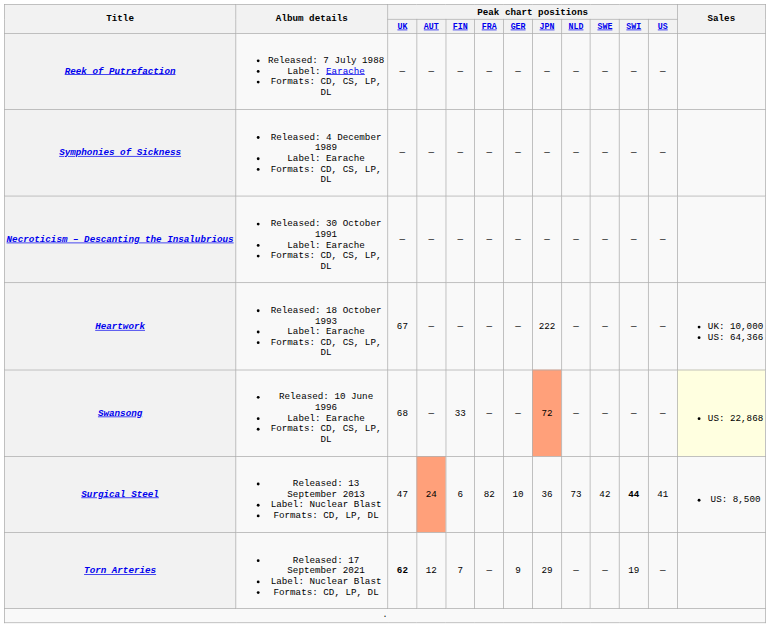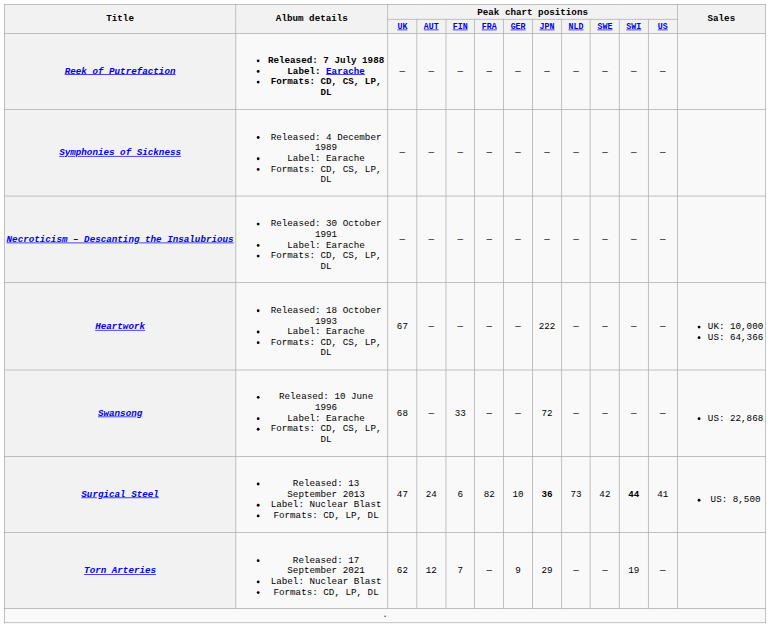 <table class="wikitable plainrowheaders" style="text-align:center;">
 <tr>
 <th scope="col" rowspan="2">Title</th>
 <th scope="col" rowspan="2" style="width:16em;">Album details</th>
 <th scope="col" colspan="10">Peak chart positions</th>
 <th scope="col" rowspan="2">Sales</th>
 </tr>
 <tr>
 <th scope="col" style="width:3em;font-size:90%;"><a href='#'>UK</a><br></th>
 <th scope="col" style="width:3em;font-size:90%;"><a href='#'>AUT</a><br></th>
 <th scope="col" style="width:3em;font-size:90%;"><a href='#'>FIN</a><br></th>
 <th scope="col" style="width:3em;font-size:90%;"><a href='#'>FRA</a><br></th>
 <th scope="col" style="width:3em;font-size:90%;"><a href='#'>GER</a><br></th>
 <th scope="col" style="width:3em;font-size:90%;"><a href='#'>JPN</a><br></th>
 <th scope="col" style="width:3em;font-size:90%;"><a href='#'>NLD</a><br></th>
 <th scope="col" style="width:3em;font-size:90%;"><a href='#'>SWE</a><br></th>
 <th scope="col" style="width:3em;font-size:90%;"><a href='#'>SWI</a><br></th>
 <th scope="col" style="width:3em;font-size:90%;"><a href='#'>US</a><br></th>
 </tr>
 <tr>
 <th scope="row"><em><a href='#'>Reek of Putrefaction</a></em></th>
-<td><br><ul><li>Released: 7 July 1988</li><li>Label: <a href='#'>Earache</a></li><li>Formats: CD, CS, LP, DL</li></ul></td>
+<td><strong><br><ul><li>Released: 7 July 1988</li><li>Label: <a href='#'>Earache</a></li><li>Formats: CD, CS, LP, DL</li></ul></strong></td>
 <td>—</td>
 <td>—</td>
 <td>—</td>
 <td>—</td>
 <td>—</td>
 <td>—</td>
 <td>—</td>
 <td>—</td>
 <td>—</td>
 <td>—</td>
 <td></td>
 </tr>
 <tr>
 <th scope="row"><em><a href='#'>Symphonies of Sickness</a></em></th>
 <td><br><ul><li>Released: 4 December 1989</li><li>Label: Earache</li><li>Formats: CD, CS, LP, DL</li></ul></td>
 <td>—</td>
 <td>—</td>
 <td>—</td>
 <td>—</td>
 <td>—</td>
 <td>—</td>
 <td>—</td>
 <td>—</td>
 <td>—</td>
 <td>—</td>
 <td></td>
 </tr>
 <tr>
 <th scope="row"><em><a href='#'>Necroticism – Descanting the Insalubrious</a></em></th>
 <td><br><ul><li>Released: 30 October 1991</li><li>Label: Earache</li><li>Formats: CD, CS, LP, DL</li></ul></td>
 <td>—</td>
 <td>—</td>
 <td>—</td>
 <td>—</td>
 <td>—</td>
 <td>—</td>
 <td>—</td>
 <td>—</td>
 <td>—</td>
 <td>—</td>
 <td></td>
 </tr>
 <tr>
 <th scope="row"><em><a href='#'>Heartwork</a></em></th>
 <td><br><ul><li>Released: 18 October 1993</li><li>Label: Earache</li><li>Formats: CD, CS, LP, DL</li></ul></td>
 <td>67</td>
 <td>—</td>
 <td>—</td>
 <td>—</td>
 <td>—</td>
 <td>222</td>
 <td>—</td>
 <td>—</td>
 <td>—</td>
 <td>—</td>
 <td><br><ul><li>UK: 10,000</li><li>US: 64,366</li></ul></td>
 </tr>
 <tr>
 <th scope="row"><em><a href='#'>Swansong</a></em></th>
 <td><br><ul><li>Released: 10 June 1996</li><li>Label: Earache</li><li>Formats: CD, CS, LP, DL</li></ul></td>
 <td>68</td>
 <td>—</td>
 <td>33</td>
 <td>—</td>
 <td>—</td>
-<td style="background: lightsalmon;">72</td>
+<td>72</td>
 <td>—</td>
 <td>—</td>
 <td>—</td>
 <td>—</td>
-<td style="background: lightyellow;"><br><ul><li>US: 22,868</li></ul></td>
+<td><br><ul><li>US: 22,868</li></ul></td>
 </tr>
 <tr>
 <th scope="row"><em><a href='#'>Surgical Steel</a></em></th>
 <td><br><ul><li>Released: 13 September 2013</li><li>Label: Nuclear Blast</li><li>Formats: CD, LP, DL</li></ul></td>
 <td>47</td>
-<td style="background: lightsalmon;">24</td>
+<td>24</td>
 <td>6</td>
 <td>82</td>
 <td>10</td>
-<td>36</td>
+<td><strong>36</strong></td>
 <td>73</td>
 <td>42</td>
 <td><strong>44</strong></td>
 <td>41</td>
 <td><br><ul><li>US: 8,500</li></ul></td>
 </tr>
 <tr>
 <th scope="row"><em><a href='#'>Torn Arteries</a></em></th>
 <td><br><ul><li>Released: 17 September 2021</li><li>Label: Nuclear Blast</li><li>Formats: CD, LP, DL</li></ul></td>
-<td><strong>62</strong></td>
+<td>62</td>
 <td>12</td>
 <td>7<br></td>
 <td>—</td>
 <td>9</td>
 <td>29</td>
 <td>—</td>
 <td>—</td>
 <td>19</td>
 <td>—</td>
 <td></td>
 </tr>
 <tr>
 <td colspan="15" style="font-size:90%">.</td>
 </tr>
 </table>
